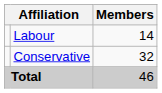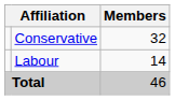 <table class="wikitable">
 <tr>
 <th colspan="2">Affiliation</th>
 <th>Members</th>
 </tr>
 <tr>
 <td></td>
-<td><a href='#'>Labour</a></td>
-<td style="text-align:right;">14</td>
+<td><a href='#'>Conservative</a></td>
+<td style="text-align:right;">32</td>
 </tr>
 <tr>
 <td></td>
-<td><a href='#'>Conservative</a></td>
-<td style="text-align:right;">32</td>
+<td><a href='#'>Labour</a></td>
+<td style="text-align:right;">14</td>
 </tr>
 <tr style="background:#ccc;">
 <td colspan="2"> <strong>Total</strong></td>
 <td style="text-align:right;">46</td>
 </tr>
 </table>
